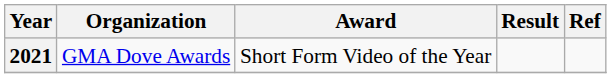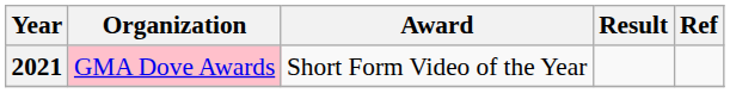 <table class="wikitable plainrowheaders">
 <tr>
 <th>Year</th>
 <th>Organization</th>
 <th>Award</th>
 <th>Result</th>
 <th>Ref</th>
 </tr>
 <tr>
 <th>2021</th>
-<td><a href='#'>GMA Dove Awards</a></td>
+<td style="background: pink;"><a href='#'>GMA Dove Awards</a></td>
 <td>Short Form Video of the Year</td>
 <td></td>
 <td></td>
 </tr>
 <tr>
 </tr>
 </table>
